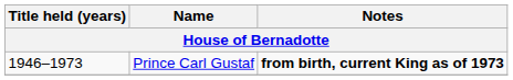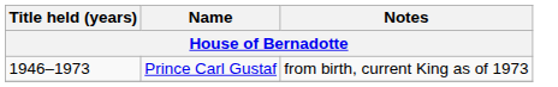 <table class="wikitable">
 <tr>
 <th><strong>Title held (years)</strong></th>
 <th><strong>Name</strong></th>
 <th><strong>Notes</strong></th>
 </tr>
 <tr>
 <th colspan=3><a href='#'>House of Bernadotte</a></th>
 </tr>
 <tr>
 <td>1946–1973</td>
 <td><a href='#'>Prince Carl Gustaf</a></td>
-<td><strong>from birth, current King as of 1973</strong></td>
+<td>from birth, current King as of 1973</td>
 </tr>
 <tr>
 </tr>
 </table>
